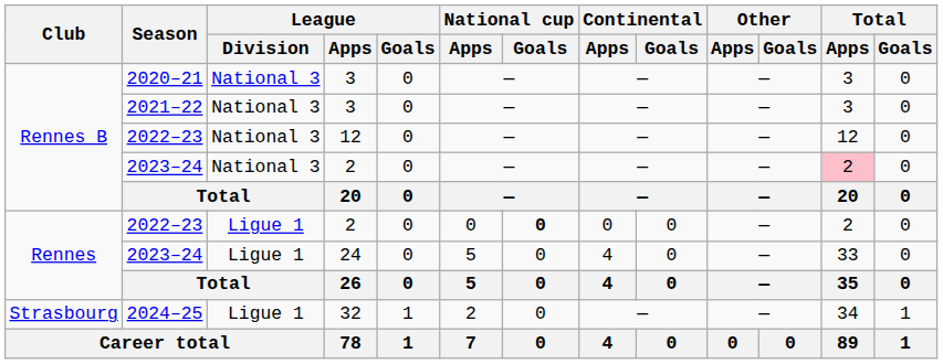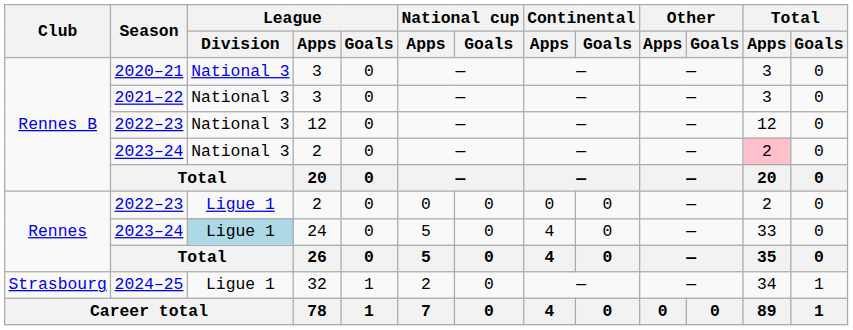 <table class="wikitable" style="text-align: center">
 <tr>
 <th rowspan="2">Club</th>
 <th rowspan="2">Season</th>
 <th colspan="3">League</th>
 <th colspan="2">National cup</th>
 <th colspan="2">Continental</th>
 <th colspan="2">Other</th>
 <th colspan="2">Total</th>
 </tr>
 <tr>
 <th>Division</th>
 <th>Apps</th>
 <th>Goals</th>
 <th>Apps</th>
 <th>Goals</th>
 <th>Apps</th>
 <th>Goals</th>
 <th>Apps</th>
 <th>Goals</th>
 <th>Apps</th>
 <th>Goals</th>
 </tr>
 <tr>
 <td rowspan="5"><a href='#'>Rennes B</a></td>
 <td><a href='#'>2020–21</a></td>
 <td><a href='#'>National 3</a></td>
 <td>3</td>
 <td>0</td>
 <td colspan="2">—</td>
 <td colspan="2">—</td>
 <td colspan="2">—</td>
 <td>3</td>
 <td>0</td>
 </tr>
 <tr>
 <td><a href='#'>2021–22</a></td>
 <td>National 3</td>
 <td>3</td>
 <td>0</td>
 <td colspan="2">—</td>
 <td colspan="2">—</td>
 <td colspan="2">—</td>
 <td>3</td>
 <td>0</td>
 </tr>
 <tr>
 <td><a href='#'>2022–23</a></td>
 <td>National 3</td>
 <td>12</td>
 <td>0</td>
 <td colspan="2">—</td>
 <td colspan="2">—</td>
 <td colspan="2">—</td>
 <td>12</td>
 <td>0</td>
 </tr>
 <tr>
 <td><a href='#'>2023–24</a></td>
 <td>National 3</td>
 <td>2</td>
 <td>0</td>
 <td colspan="2">—</td>
 <td colspan="2">—</td>
 <td colspan="2">—</td>
 <td style="background: pink;">2</td>
 <td>0</td>
 </tr>
 <tr>
 <th colspan="2">Total</th>
 <th>20</th>
 <th>0</th>
 <th colspan="2">—</th>
 <th colspan="2">—</th>
 <th colspan="2">—</th>
 <th>20</th>
 <th>0</th>
 </tr>
 <tr>
 <td rowspan="3"><a href='#'>Rennes</a></td>
 <td><a href='#'>2022–23</a></td>
 <td><a href='#'>Ligue 1</a></td>
 <td>2</td>
 <td>0</td>
 <td>0</td>
-<td><strong>0</strong></td>
+<td>0</td>
 <td>0</td>
 <td>0</td>
 <td colspan="2">—</td>
 <td>2</td>
 <td>0</td>
 </tr>
 <tr>
 <td><a href='#'>2023–24</a></td>
-<td>Ligue 1</td>
+<td style="background: lightblue;">Ligue 1</td>
 <td>24</td>
 <td>0</td>
 <td>5</td>
 <td>0</td>
 <td>4</td>
 <td>0</td>
 <td colspan="2">—</td>
 <td>33</td>
 <td>0</td>
 </tr>
 <tr>
 <th colspan="2">Total</th>
 <th>26</th>
 <th>0</th>
 <th>5</th>
 <th>0</th>
 <th>4</th>
 <th>0</th>
 <th colspan="2">—</th>
 <th>35</th>
 <th>0</th>
 </tr>
 <tr>
 <td><a href='#'>Strasbourg</a></td>
 <td><a href='#'>2024–25</a></td>
 <td>Ligue 1</td>
 <td>32</td>
 <td>1</td>
 <td>2</td>
 <td>0</td>
 <td colspan="2">—</td>
 <td colspan="2">—</td>
 <td>34</td>
 <td>1</td>
 </tr>
 <tr>
 <th colspan="3">Career total</th>
 <th>78</th>
 <th>1</th>
 <th>7</th>
 <th>0</th>
 <th>4</th>
 <th>0</th>
 <th>0</th>
 <th>0</th>
 <th>89</th>
 <th>1</th>
 </tr>
 </table>
